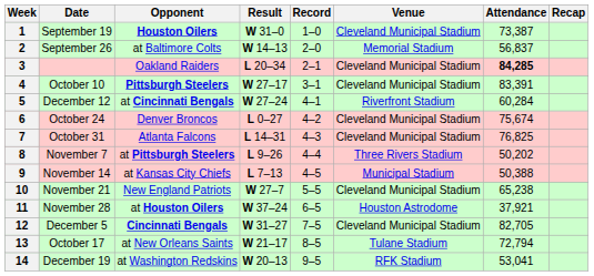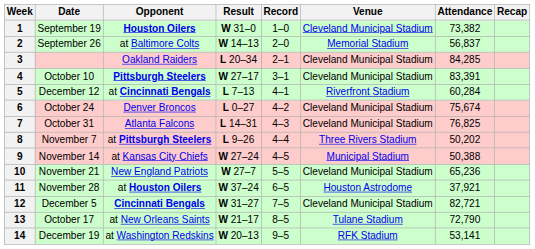 <table class="wikitable" style="text-align:center">
 <tr>
 <th>Week</th>
 <th>Date</th>
 <th>Opponent</th>
 <th>Result</th>
 <th>Record</th>
 <th>Venue</th>
 <th>Attendance</th>
 <th>Recap</th>
 </tr>
 <tr style="background:#cfc">
 <th>1</th>
 <td>September 19</td>
 <td><strong><a href='#'>Houston Oilers</a></strong></td>
 <td><strong>W</strong> 31–0</td>
 <td>1–0</td>
 <td><a href='#'>Cleveland Municipal Stadium</a></td>
-<td>73,387</td>
+<td>73,382</td>
 <td></td>
 </tr>
 <tr style="background:#cfc">
 <th>2</th>
 <td>September 26</td>
 <td>at <a href='#'>Baltimore Colts</a></td>
 <td><strong>W</strong> 14–13</td>
 <td>2–0</td>
 <td><a href='#'>Memorial Stadium</a></td>
 <td>56,837</td>
 <td></td>
 </tr>
 <tr style="background:#fcc">
 <th>3</th>
 <td></td>
 <td><a href='#'>Oakland Raiders</a></td>
 <td><strong>L</strong> 20–34</td>
 <td>2–1</td>
 <td>Cleveland Municipal Stadium</td>
-<td><strong>84,285</strong></td>
+<td>84,285</td>
 <td></td>
 </tr>
 <tr style="background:#cfc">
 <th>4</th>
 <td>October 10</td>
 <td><strong><a href='#'>Pittsburgh Steelers</a></strong></td>
 <td><strong>W</strong> 27–17</td>
 <td>3–1</td>
 <td>Cleveland Municipal Stadium</td>
 <td>83,391</td>
 <td></td>
 </tr>
 <tr style="background:#cfc">
 <th>5</th>
 <td>December 12</td>
 <td>at <strong><a href='#'>Cincinnati Bengals</a></strong></td>
-<td><strong>W</strong> 27–24</td>
+<td><strong>L</strong> 7–13</td>
 <td>4–1</td>
 <td><a href='#'>Riverfront Stadium</a></td>
 <td>60,284</td>
 <td></td>
 </tr>
 <tr style="background:#fcc">
 <th>6</th>
 <td>October 24</td>
 <td><a href='#'>Denver Broncos</a></td>
 <td><strong>L</strong> 0–27</td>
 <td>4–2</td>
 <td>Cleveland Municipal Stadium</td>
 <td>75,674</td>
 <td></td>
 </tr>
 <tr style="background:#fcc">
 <th>7</th>
 <td>October 31</td>
 <td><a href='#'>Atlanta Falcons</a></td>
 <td><strong>L</strong> 14–31</td>
 <td>4–3</td>
 <td>Cleveland Municipal Stadium</td>
 <td>76,825</td>
 <td></td>
 </tr>
 <tr style="background:#fcc">
 <th>8</th>
 <td>November 7</td>
 <td>at <strong><a href='#'>Pittsburgh Steelers</a></strong></td>
 <td><strong>L</strong> 9–26</td>
 <td>4–4</td>
 <td><a href='#'>Three Rivers Stadium</a></td>
 <td>50,202</td>
 <td></td>
 </tr>
 <tr style="background:#fcc">
 <th>9</th>
 <td>November 14</td>
 <td>at <a href='#'>Kansas City Chiefs</a></td>
-<td><strong>L</strong> 7–13</td>
+<td><strong>W</strong> 27–24</td>
 <td>4–5</td>
 <td><a href='#'>Municipal Stadium</a></td>
 <td>50,388</td>
 <td></td>
 </tr>
 <tr style="background:#cfc">
 <th>10</th>
 <td>November 21</td>
 <td><a href='#'>New England Patriots</a></td>
 <td><strong>W</strong> 27–7</td>
 <td>5–5</td>
 <td>Cleveland Municipal Stadium</td>
-<td>65,238</td>
+<td>65,236</td>
 <td></td>
 </tr>
 <tr style="background:#cfc">
 <th>11</th>
 <td>November 28</td>
 <td>at <strong><a href='#'>Houston Oilers</a></strong></td>
 <td><strong>W</strong> 37–24</td>
 <td>6–5</td>
 <td><a href='#'>Houston Astrodome</a></td>
 <td>37,921</td>
 <td></td>
 </tr>
 <tr style="background:#cfc">
 <th>12</th>
 <td>December 5</td>
 <td><strong><a href='#'>Cincinnati Bengals</a></strong></td>
 <td><strong>W</strong> 31–27</td>
 <td>7–5</td>
 <td>Cleveland Municipal Stadium</td>
-<td>82,705</td>
+<td>82,721</td>
 <td></td>
 </tr>
 <tr style="background:#cfc">
 <th>13</th>
 <td>October 17</td>
 <td>at <a href='#'>New Orleans Saints</a></td>
 <td><strong>W</strong> 21–17</td>
 <td>8–5</td>
 <td><a href='#'>Tulane Stadium</a></td>
-<td>72,794</td>
+<td>72,790</td>
 <td></td>
 </tr>
 <tr style="background:#cfc">
 <th>14</th>
 <td>December 19</td>
 <td>at <a href='#'>Washington Redskins</a></td>
 <td><strong>W</strong> 20–13</td>
 <td>9–5</td>
 <td><a href='#'>RFK Stadium</a></td>
-<td>53,041</td>
+<td>53,141</td>
 <td></td>
 </tr>
 </table>
